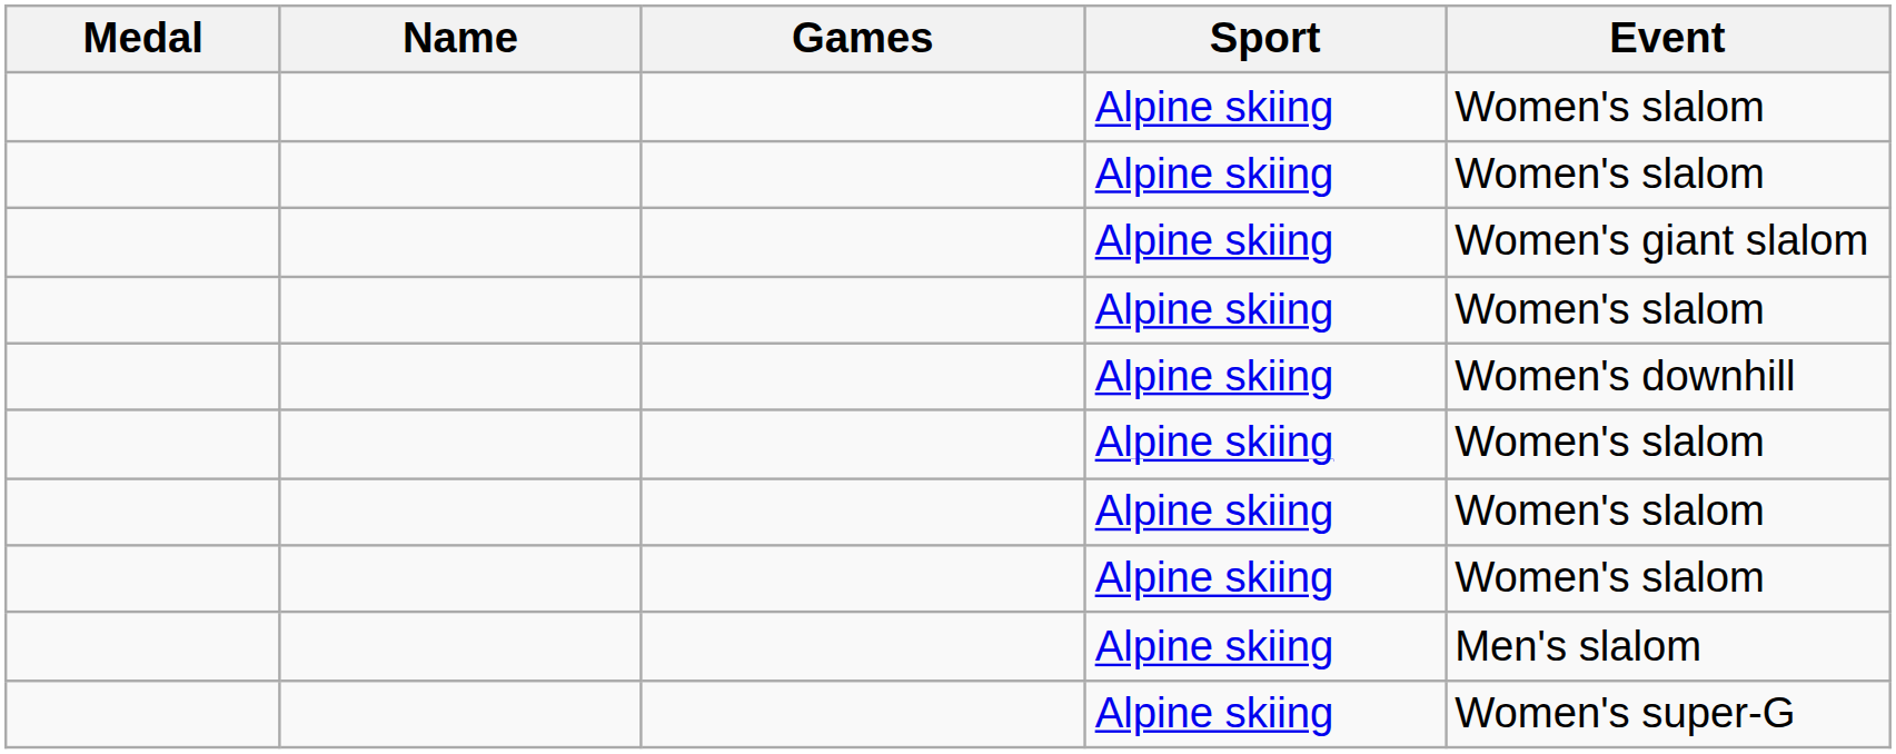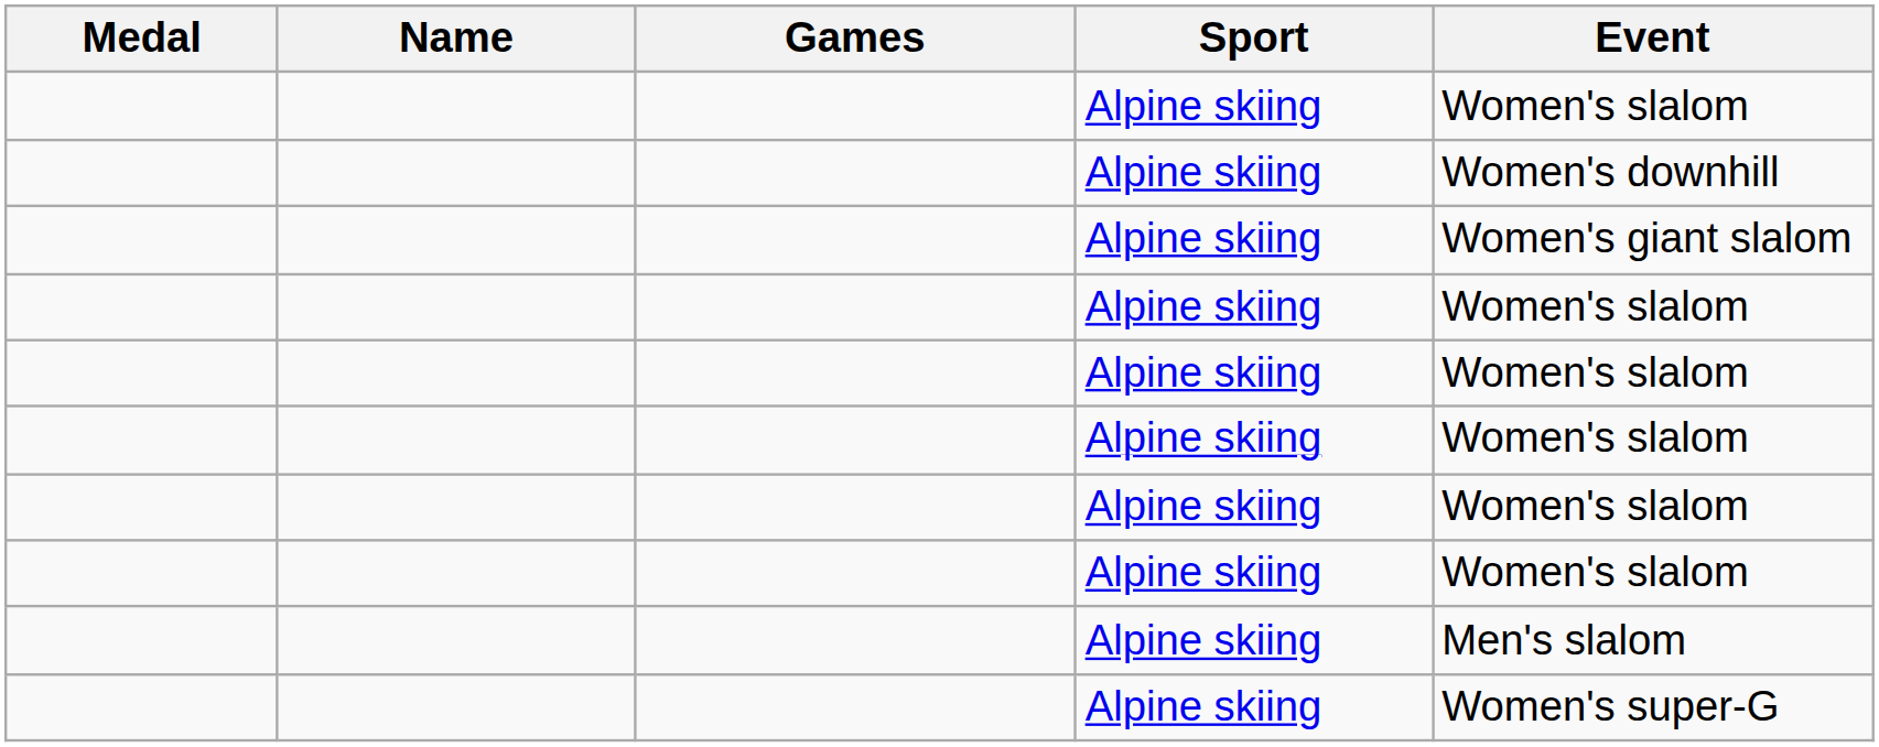 <table class="wikitable sortable">
 <tr>
 <th style="width:6em">Medal</th>
 <th style="width:8em">Name</th>
 <th style="width:10em">Games</th>
 <th style="width:8em">Sport</th>
 <th style="width:10em">Event</th>
 </tr>
 <tr>
 <td></td>
 <td></td>
 <td></td>
 <td><a href='#'>Alpine skiing</a></td>
 <td>Women's slalom</td>
 </tr>
 <tr>
 <td></td>
 <td></td>
 <td></td>
 <td><a href='#'>Alpine skiing</a></td>
-<td>Women's slalom</td>
+<td>Women's downhill</td>
 </tr>
 <tr>
 <td></td>
 <td></td>
 <td></td>
 <td><a href='#'>Alpine skiing</a></td>
 <td>Women's giant slalom</td>
 </tr>
 <tr>
 <td></td>
 <td></td>
 <td></td>
 <td><a href='#'>Alpine skiing</a></td>
 <td>Women's slalom</td>
 </tr>
 <tr>
 <td></td>
 <td></td>
 <td></td>
 <td><a href='#'>Alpine skiing</a></td>
-<td>Women's downhill</td>
+<td>Women's slalom</td>
 </tr>
 <tr>
 <td></td>
 <td></td>
 <td></td>
 <td><a href='#'>Alpine skiing</a></td>
 <td>Women's slalom</td>
 </tr>
 <tr>
 <td></td>
 <td></td>
 <td></td>
 <td><a href='#'>Alpine skiing</a></td>
 <td>Women's slalom</td>
 </tr>
 <tr>
 <td></td>
 <td></td>
 <td></td>
 <td><a href='#'>Alpine skiing</a></td>
 <td>Women's slalom</td>
 </tr>
 <tr>
 <td></td>
 <td></td>
 <td></td>
 <td><a href='#'>Alpine skiing</a></td>
 <td>Men's slalom</td>
 </tr>
 <tr>
 <td></td>
 <td></td>
 <td></td>
 <td><a href='#'>Alpine skiing</a></td>
 <td>Women's super-G</td>
 </tr>
 </table>
